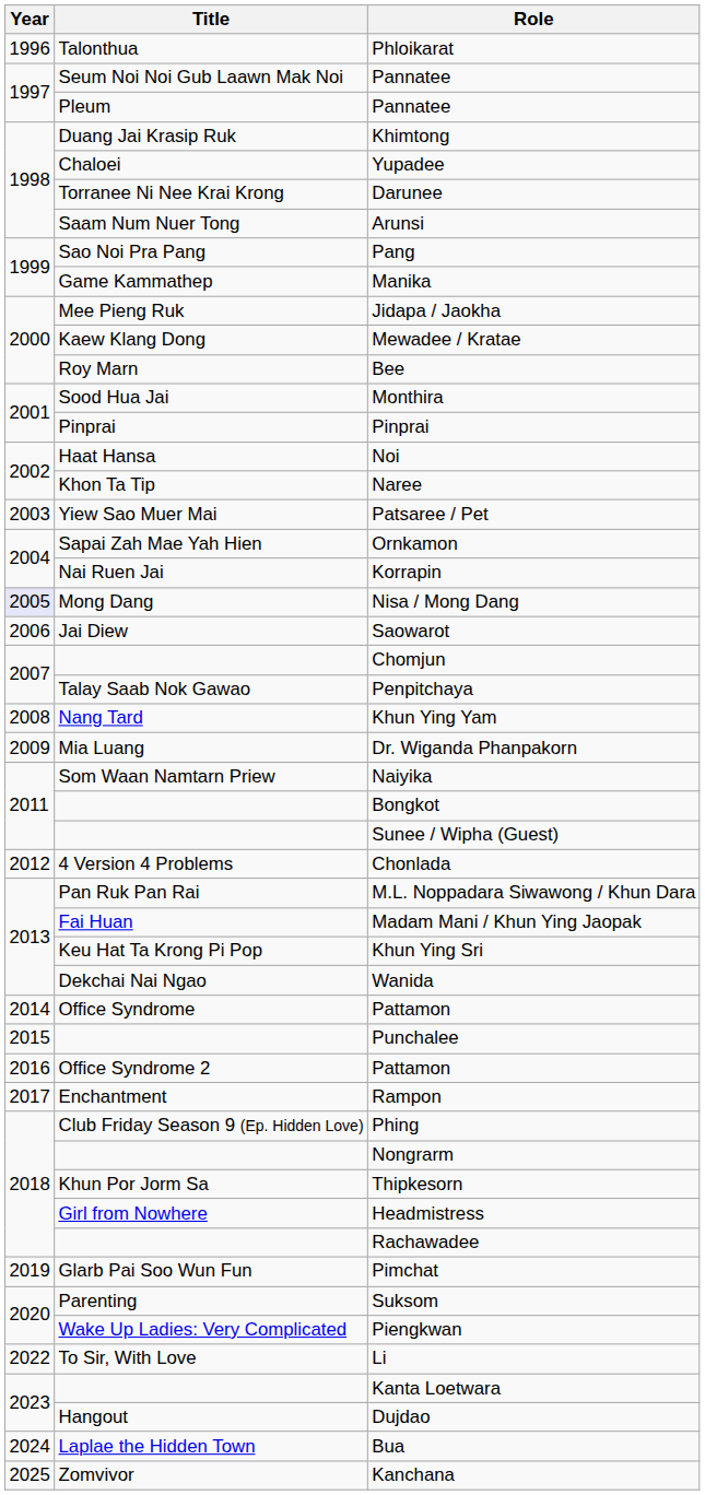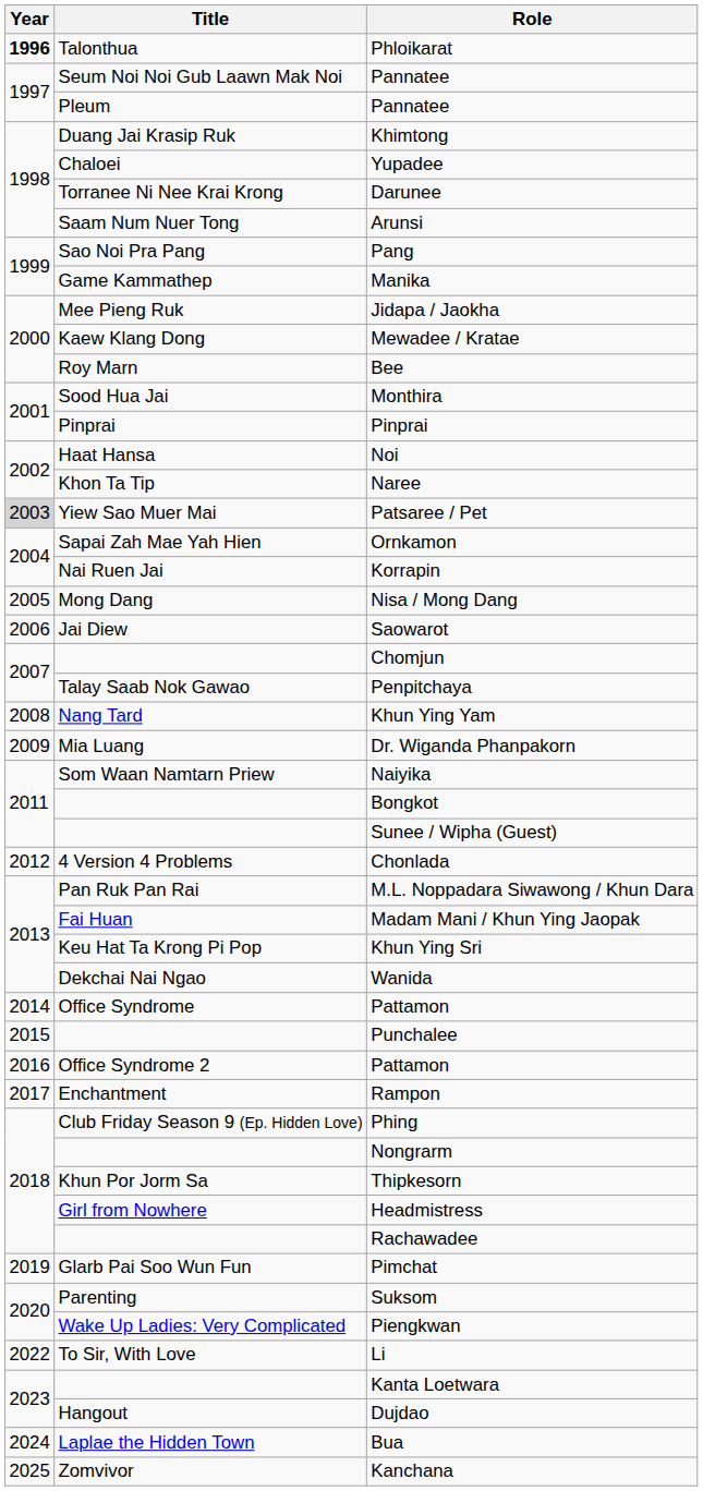 <table class="wikitable">
 <tr>
 <th>Year</th>
 <th>Title</th>
 <th>Role</th>
 </tr>
 <tr>
-<td>1996</td>
+<td><strong>1996</strong></td>
 <td>Talonthua</td>
 <td>Phloikarat</td>
 </tr>
 <tr>
 <td rowspan = "2">1997</td>
 <td>Seum Noi Noi Gub Laawn Mak Noi</td>
 <td>Pannatee</td>
 </tr>
 <tr>
 <td>Pleum</td>
 <td>Pannatee</td>
 </tr>
 <tr>
 <td rowspan = "4">1998</td>
 <td>Duang Jai Krasip Ruk</td>
 <td>Khimtong</td>
 </tr>
 <tr>
 <td>Chaloei</td>
 <td>Yupadee</td>
 </tr>
 <tr>
 <td>Torranee Ni Nee Krai Krong</td>
 <td>Darunee</td>
 </tr>
 <tr>
 <td>Saam Num Nuer Tong</td>
 <td>Arunsi</td>
 </tr>
 <tr>
 <td rowspan = "2">1999</td>
 <td>Sao Noi Pra Pang</td>
 <td>Pang</td>
 </tr>
 <tr>
 <td>Game Kammathep</td>
 <td>Manika</td>
 </tr>
 <tr>
 <td rowspan = "3">2000</td>
 <td>Mee Pieng Ruk</td>
 <td>Jidapa / Jaokha</td>
 </tr>
 <tr>
 <td>Kaew Klang Dong</td>
 <td>Mewadee / Kratae</td>
 </tr>
 <tr>
 <td>Roy Marn</td>
 <td>Bee</td>
 </tr>
 <tr>
 <td rowspan = "2">2001</td>
 <td>Sood Hua Jai</td>
 <td>Monthira</td>
 </tr>
 <tr>
 <td>Pinprai</td>
 <td>Pinprai</td>
 </tr>
 <tr>
 <td rowspan = "2">2002</td>
 <td>Haat Hansa</td>
 <td>Noi</td>
 </tr>
 <tr>
 <td>Khon Ta Tip</td>
 <td>Naree</td>
 </tr>
 <tr>
-<td>2003</td>
+<td style="background: lightgrey;">2003</td>
 <td>Yiew Sao Muer Mai</td>
 <td>Patsaree / Pet</td>
 </tr>
 <tr>
 <td rowspan = "2">2004</td>
 <td>Sapai Zah Mae Yah Hien</td>
 <td>Ornkamon</td>
 </tr>
 <tr>
 <td>Nai Ruen Jai</td>
 <td>Korrapin</td>
 </tr>
 <tr>
-<td style="background: lavender;">2005</td>
+<td>2005</td>
 <td>Mong Dang</td>
 <td>Nisa / Mong Dang</td>
 </tr>
 <tr>
 <td>2006</td>
 <td>Jai Diew</td>
 <td>Saowarot</td>
 </tr>
 <tr>
 <td rowspan = "2">2007</td>
 <td></td>
 <td>Chomjun</td>
 </tr>
 <tr>
 <td>Talay Saab Nok Gawao</td>
 <td>Penpitchaya</td>
 </tr>
 <tr>
 <td>2008</td>
 <td><a href='#'>Nang Tard</a></td>
 <td>Khun Ying Yam</td>
 </tr>
 <tr>
 <td>2009</td>
 <td>Mia Luang</td>
 <td>Dr. Wiganda Phanpakorn</td>
 </tr>
 <tr>
 <td rowspan = "3">2011</td>
 <td>Som Waan Namtarn Priew</td>
 <td>Naiyika</td>
 </tr>
 <tr>
 <td></td>
 <td>Bongkot</td>
 </tr>
 <tr>
 <td></td>
 <td>Sunee / Wipha (Guest)</td>
 </tr>
 <tr>
 <td>2012</td>
 <td>4 Version 4 Problems</td>
 <td>Chonlada</td>
 </tr>
 <tr>
 <td rowspan = "4">2013</td>
 <td>Pan Ruk Pan Rai</td>
 <td>M.L. Noppadara Siwawong / Khun Dara</td>
 </tr>
 <tr>
 <td><a href='#'>Fai Huan</a></td>
 <td>Madam Mani / Khun Ying Jaopak</td>
 </tr>
 <tr>
 <td>Keu Hat Ta Krong Pi Pop</td>
 <td>Khun Ying Sri</td>
 </tr>
 <tr>
 <td>Dekchai Nai Ngao</td>
 <td>Wanida</td>
 </tr>
 <tr>
 <td>2014</td>
 <td>Office Syndrome</td>
 <td>Pattamon</td>
 </tr>
 <tr>
 <td>2015</td>
 <td></td>
 <td>Punchalee</td>
 </tr>
 <tr>
 <td>2016</td>
 <td>Office Syndrome 2</td>
 <td>Pattamon</td>
 </tr>
 <tr>
 <td>2017</td>
 <td>Enchantment</td>
 <td>Rampon</td>
 </tr>
 <tr>
 <td rowspan="5">2018</td>
 <td>Club Friday Season 9 <small>(Ep. Hidden Love)</small></td>
 <td>Phing</td>
 </tr>
 <tr>
 <td></td>
 <td>Nongrarm</td>
 </tr>
 <tr>
 <td>Khun Por Jorm Sa</td>
 <td>Thipkesorn</td>
 </tr>
 <tr>
 <td><a href='#'>Girl from Nowhere</a></td>
 <td>Headmistress</td>
 </tr>
 <tr>
 <td></td>
 <td>Rachawadee</td>
 </tr>
 <tr>
 <td>2019</td>
 <td>Glarb Pai Soo Wun Fun</td>
 <td>Pimchat</td>
 </tr>
 <tr>
 <td rowspan="2">2020</td>
 <td>Parenting</td>
 <td>Suksom</td>
 </tr>
 <tr>
 <td><a href='#'>Wake Up Ladies: Very Complicated</a></td>
 <td>Piengkwan</td>
 </tr>
 <tr>
 <td>2022</td>
 <td>To Sir, With Love</td>
 <td>Li</td>
 </tr>
 <tr>
 <td rowspan="2">2023</td>
 <td></td>
 <td>Kanta Loetwara</td>
 </tr>
 <tr>
 <td>Hangout</td>
 <td>Dujdao</td>
 </tr>
 <tr>
 <td rowspan="1">2024</td>
 <td><a href='#'>Laplae the Hidden Town</a></td>
 <td>Bua</td>
 </tr>
 <tr>
 <td rowspan="1">2025</td>
 <td>Zomvivor</td>
 <td>Kanchana</td>
 </tr>
 </table>
